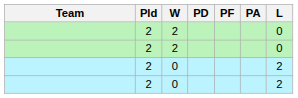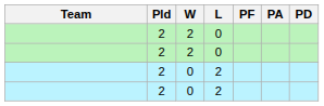 <table class=wikitable style="text-align:center">
 <tr>
 <th width=180>Team</th>
 <th width=30>Pld</th>
 <th width=30>W</th>
-<th width=30>PD</th>
+<th width=30>L</th>
 <th width=30>PF</th>
 <th width=30>PA</th>
-<th width=30>L</th>
+<th width=30>PD</th>
 </tr>
 <tr bgcolor=#BBF3BB>
 <td align=left></td>
 <td>2</td>
 <td>2</td>
+<td>0</td>
 <td></td>
 <td></td>
 <td></td>
-<td>0</td>
 </tr>
 <tr bgcolor=#BBF3BB>
 <td align=left></td>
 <td>2</td>
 <td>2</td>
+<td>0</td>
 <td></td>
 <td></td>
 <td></td>
-<td>0</td>
 </tr>
 <tr bgcolor=#BBF3FF>
 <td align=left></td>
 <td>2</td>
 <td>0</td>
+<td>2</td>
 <td></td>
 <td></td>
 <td></td>
-<td>2</td>
 </tr>
 <tr bgcolor=#BBF3FF>
 <td align=left></td>
 <td>2</td>
 <td>0</td>
+<td>2</td>
 <td></td>
 <td></td>
 <td></td>
-<td>2</td>
 </tr>
 </table>
